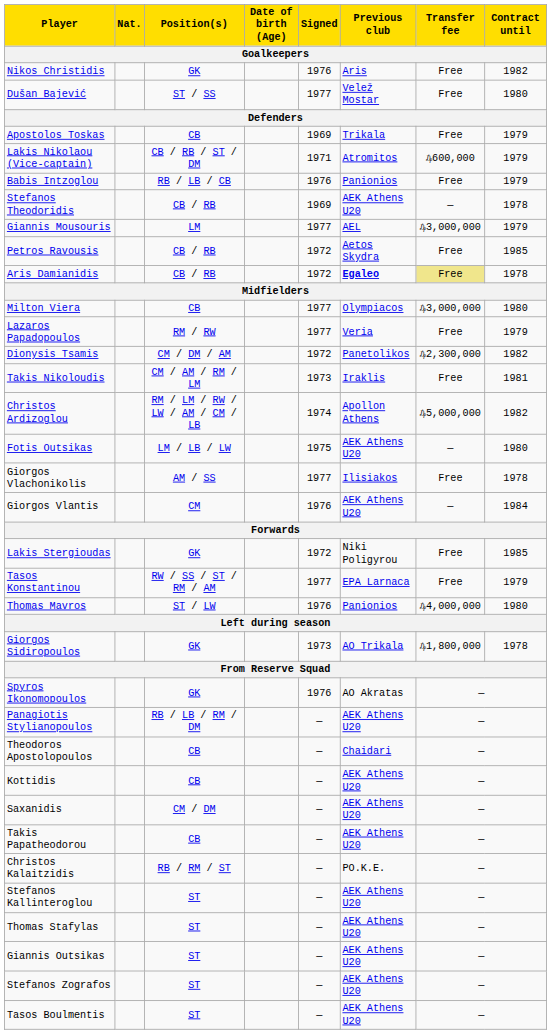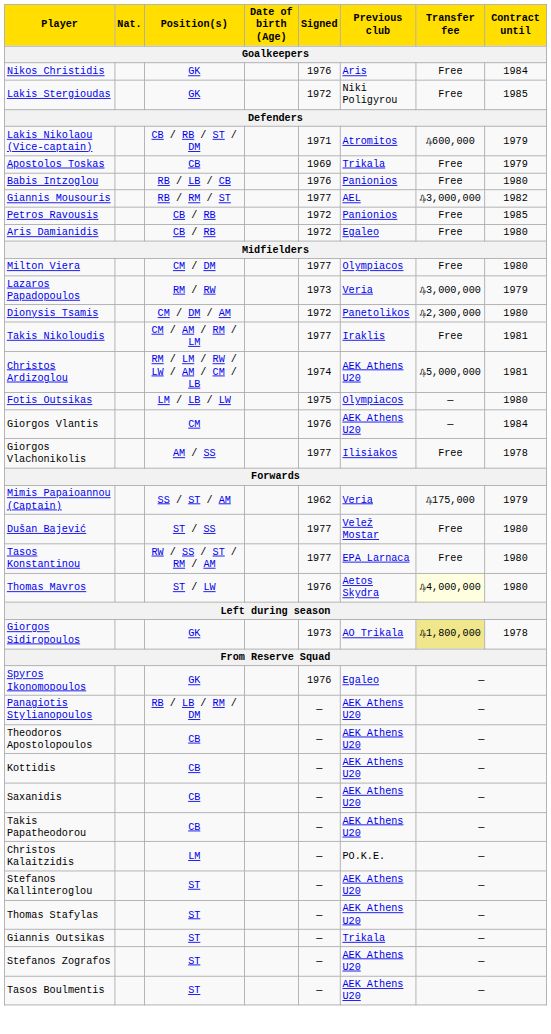 <table class="wikitable" style="text-align:center; font-size:90%;width:100%;">
 <tr>
 <th style="background:#FFDE00">Player</th>
 <th style="background:#FFDE00">Nat.</th>
 <th style="background:#FFDE00">Position(s)</th>
 <th style="background:#FFDE00">Date of birth (Age)</th>
 <th style="background:#FFDE00">Signed</th>
 <th style="background:#FFDE00">Previous club</th>
 <th style="background:#FFDE00">Transfer fee</th>
 <th style="background:#FFDE00">Contract until</th>
 </tr>
 <tr>
 <th colspan="8">Goalkeepers</th>
 </tr>
 <tr>
 <td align=left><a href='#'>Nikos Christidis</a></td>
 <td></td>
 <td><a href='#'>GK</a></td>
 <td></td>
 <td>1976</td>
 <td align=left> <a href='#'>Aris</a></td>
 <td>Free</td>
+<td>1984</td>
+</tr>
+<tr>
+<td align=left><a href='#'>Lakis Stergioudas</a></td>
+<td></td>
+<td><a href='#'>GK</a></td>
+<td></td>
+<td>1972</td>
+<td align=left> Niki Poligyrou</td>
+<td>Free</td>
+<td>1985</td>
+</tr>
+<tr>
+<th colspan="8">Defenders</th>
+</tr>
+<tr>
+<td align=left><a href='#'>Lakis Nikolaou</a> <a href='#'>(Vice-captain)</a></td>
+<td></td>
+<td><a href='#'>CB</a> / <a href='#'>RB</a> / <a href='#'>ST</a> / <a href='#'>DM</a></td>
+<td></td>
+<td>1971</td>
+<td align=left> <a href='#'>Atromitos</a></td>
+<td>₯600,000</td>
+<td>1979</td>
+</tr>
+<tr>
+<td align=left><a href='#'>Apostolos Toskas</a></td>
+<td></td>
+<td><a href='#'>CB</a></td>
+<td></td>
+<td>1969</td>
+<td align=left> <a href='#'>Trikala</a></td>
+<td>Free</td>
+<td>1979</td>
+</tr>
+<tr>
+<td align=left><a href='#'>Babis Intzoglou</a></td>
+<td></td>
+<td><a href='#'>RB</a> / <a href='#'>LB</a> / <a href='#'>CB</a></td>
+<td></td>
+<td>1976</td>
+<td align=left> <a href='#'>Panionios</a></td>
+<td>Free</td>
+<td>1980</td>
+</tr>
+<tr>
+<td align=left><a href='#'>Giannis Mousouris</a></td>
+<td></td>
+<td><a href='#'>RB</a> / <a href='#'>RM</a> / <a href='#'>ST</a></td>
+<td></td>
+<td>1977</td>
+<td align=left> <a href='#'>AEL</a></td>
+<td>₯3,000,000</td>
 <td>1982</td>
+</tr>
+<tr>
+<td align=left><a href='#'>Petros Ravousis</a></td>
+<td></td>
+<td><a href='#'>CB</a> / <a href='#'>RB</a></td>
+<td></td>
+<td>1972</td>
+<td align=left> <a href='#'>Panionios</a></td>
+<td>Free</td>
+<td>1985</td>
+</tr>
+<tr>
+<td align=left><a href='#'>Aris Damianidis</a></td>
+<td></td>
+<td><a href='#'>CB</a> / <a href='#'>RB</a></td>
+<td></td>
+<td>1972</td>
+<td align=left> <a href='#'>Egaleo</a></td>
+<td>Free</td>
+<td>1980</td>
+</tr>
+<tr>
+<th colspan="8">Midfielders</th>
+</tr>
+<tr>
+<td align=left><a href='#'>Milton Viera</a></td>
+<td></td>
+<td><a href='#'>CM</a> / <a href='#'>DM</a></td>
+<td></td>
+<td>1977</td>
+<td align=left> <a href='#'>Olympiacos</a></td>
+<td>Free</td>
+<td>1980</td>
+</tr>
+<tr>
+<td align=left><a href='#'>Lazaros Papadopoulos</a></td>
+<td></td>
+<td><a href='#'>RM</a> / <a href='#'>RW</a></td>
+<td></td>
+<td>1973</td>
+<td align=left> <a href='#'>Veria</a></td>
+<td>₯3,000,000</td>
+<td>1979</td>
+</tr>
+<tr>
+<td align=left><a href='#'>Dionysis Tsamis</a></td>
+<td></td>
+<td><a href='#'>CM</a> / <a href='#'>DM</a> / <a href='#'>AM</a></td>
+<td></td>
+<td>1972</td>
+<td align=left> <a href='#'>Panetolikos</a></td>
+<td>₯2,300,000</td>
+<td>1980</td>
+</tr>
+<tr>
+<td align=left><a href='#'>Takis Nikoloudis</a></td>
+<td></td>
+<td><a href='#'>CM</a> / <a href='#'>AM</a> / <a href='#'>RM</a> / <a href='#'>LM</a></td>
+<td></td>
+<td>1977</td>
+<td align=left> <a href='#'>Iraklis</a></td>
+<td>Free</td>
+<td>1981</td>
+</tr>
+<tr>
+<td align=left><a href='#'>Christos Ardizoglou</a></td>
+<td></td>
+<td><a href='#'>RM</a> / <a href='#'>LM</a> / <a href='#'>RW</a> / <a href='#'>LW</a>  / <a href='#'>AM</a> / <a href='#'>CM</a> / <a href='#'>LB</a></td>
+<td></td>
+<td>1974</td>
+<td align=left> <a href='#'>AEK Athens U20</a></td>
+<td>₯5,000,000</td>
+<td>1981</td>
+</tr>
+<tr>
+<td align=left><a href='#'>Fotis Outsikas</a></td>
+<td></td>
+<td><a href='#'>LM</a> / <a href='#'>LB</a> / <a href='#'>LW</a></td>
+<td></td>
+<td>1975</td>
+<td align=left> <a href='#'>Olympiacos</a></td>
+<td>—</td>
+<td>1980</td>
+</tr>
+<tr>
+<td align=left>Giorgos Vlantis</td>
+<td></td>
+<td><a href='#'>CM</a></td>
+<td></td>
+<td>1976</td>
+<td align=left> <a href='#'>AEK Athens U20</a></td>
+<td>—</td>
+<td>1984</td>
+</tr>
+<tr>
+<td align=left>Giorgos Vlachonikolis</td>
+<td></td>
+<td><a href='#'>AM</a> / <a href='#'>SS</a></td>
+<td></td>
+<td>1977</td>
+<td align=left> <a href='#'>Ilisiakos</a></td>
+<td>Free</td>
+<td>1978</td>
+</tr>
+<tr>
+<th colspan="8">Forwards</th>
+</tr>
+<tr>
+<td align=left><a href='#'>Mimis Papaioannou</a> <a href='#'>(Captain)</a></td>
+<td></td>
+<td><a href='#'>SS</a> / <a href='#'>ST</a> / <a href='#'>AM</a></td>
+<td></td>
+<td>1962</td>
+<td align=left> <a href='#'>Veria</a></td>
+<td>₯175,000</td>
+<td>1979</td>
 </tr>
 <tr>
 <td align=left><a href='#'>Dušan Bajević</a></td>
 <td></td>
 <td><a href='#'>ST</a> / <a href='#'>SS</a></td>
 <td></td>
 <td>1977</td>
 <td align=left> <a href='#'>Velež Mostar</a></td>
 <td>Free</td>
 <td>1980</td>
 </tr>
 <tr>
-<th colspan="8">Defenders</th>
-</tr>
-<tr>
-<td align=left><a href='#'>Apostolos Toskas</a></td>
-<td></td>
-<td><a href='#'>CB</a></td>
-<td></td>
-<td>1969</td>
-<td align=left> <a href='#'>Trikala</a></td>
-<td>Free</td>
-<td>1979</td>
-</tr>
-<tr>
-<td align=left><a href='#'>Lakis Nikolaou</a> <a href='#'>(Vice-captain)</a></td>
-<td></td>
-<td><a href='#'>CB</a> / <a href='#'>RB</a> / <a href='#'>ST</a> / <a href='#'>DM</a></td>
-<td></td>
-<td>1971</td>
-<td align=left> <a href='#'>Atromitos</a></td>
-<td>₯600,000</td>
-<td>1979</td>
-</tr>
-<tr>
-<td align=left><a href='#'>Babis Intzoglou</a></td>
-<td></td>
-<td><a href='#'>RB</a> / <a href='#'>LB</a> / <a href='#'>CB</a></td>
-<td></td>
-<td>1976</td>
-<td align=left> <a href='#'>Panionios</a></td>
-<td>Free</td>
-<td>1979</td>
-</tr>
-<tr>
-<td align=left><a href='#'>Stefanos Theodoridis</a></td>
-<td></td>
-<td><a href='#'>CB</a> / <a href='#'>RB</a></td>
-<td></td>
-<td>1969</td>
-<td align=left> <a href='#'>AEK Athens U20</a></td>
-<td>—</td>
-<td>1978</td>
-</tr>
-<tr>
-<td align=left><a href='#'>Giannis Mousouris</a></td>
-<td></td>
-<td><a href='#'>LM</a></td>
-<td></td>
-<td>1977</td>
-<td align=left> <a href='#'>AEL</a></td>
-<td>₯3,000,000</td>
-<td>1979</td>
-</tr>
-<tr>
-<td align=left><a href='#'>Petros Ravousis</a></td>
-<td></td>
-<td><a href='#'>CB</a> / <a href='#'>RB</a></td>
-<td></td>
-<td>1972</td>
-<td align=left> <a href='#'>Aetos Skydra</a></td>
-<td>Free</td>
-<td>1985</td>
-</tr>
-<tr>
-<td align=left><a href='#'>Aris Damianidis</a></td>
-<td></td>
-<td><a href='#'>CB</a> / <a href='#'>RB</a></td>
-<td></td>
-<td>1972</td>
-<td align=left><strong> <a href='#'>Egaleo</a></strong></td>
-<td style="background: khaki;">Free</td>
-<td>1978</td>
-</tr>
-<tr>
-<th colspan="8">Midfielders</th>
-</tr>
-<tr>
-<td align=left><a href='#'>Milton Viera</a></td>
-<td></td>
-<td><a href='#'>CB</a></td>
-<td></td>
-<td>1977</td>
-<td align=left> <a href='#'>Olympiacos</a></td>
-<td>₯3,000,000</td>
-<td>1980</td>
-</tr>
-<tr>
-<td align=left><a href='#'>Lazaros Papadopoulos</a></td>
-<td></td>
-<td><a href='#'>RM</a> / <a href='#'>RW</a></td>
-<td></td>
-<td>1977</td>
-<td align=left> <a href='#'>Veria</a></td>
-<td>Free</td>
-<td>1979</td>
-</tr>
-<tr>
-<td align=left><a href='#'>Dionysis Tsamis</a></td>
-<td></td>
-<td><a href='#'>CM</a> / <a href='#'>DM</a> / <a href='#'>AM</a></td>
-<td></td>
-<td>1972</td>
-<td align=left> <a href='#'>Panetolikos</a></td>
-<td>₯2,300,000</td>
-<td>1982</td>
-</tr>
-<tr>
-<td align=left><a href='#'>Takis Nikoloudis</a></td>
-<td></td>
-<td><a href='#'>CM</a> / <a href='#'>AM</a> / <a href='#'>RM</a> / <a href='#'>LM</a></td>
-<td></td>
-<td>1973</td>
-<td align=left> <a href='#'>Iraklis</a></td>
-<td>Free</td>
-<td>1981</td>
-</tr>
-<tr>
-<td align=left><a href='#'>Christos Ardizoglou</a></td>
-<td></td>
-<td><a href='#'>RM</a> / <a href='#'>LM</a> / <a href='#'>RW</a> / <a href='#'>LW</a>  / <a href='#'>AM</a> / <a href='#'>CM</a> / <a href='#'>LB</a></td>
-<td></td>
-<td>1974</td>
-<td align=left> <a href='#'>Apollon Athens</a></td>
-<td>₯5,000,000</td>
-<td>1982</td>
-</tr>
-<tr>
-<td align=left><a href='#'>Fotis Outsikas</a></td>
-<td></td>
-<td><a href='#'>LM</a> / <a href='#'>LB</a> / <a href='#'>LW</a></td>
-<td></td>
-<td>1975</td>
-<td align=left> <a href='#'>AEK Athens U20</a></td>
-<td>—</td>
-<td>1980</td>
-</tr>
-<tr>
-<td align=left>Giorgos Vlachonikolis</td>
-<td></td>
-<td><a href='#'>AM</a> / <a href='#'>SS</a></td>
-<td></td>
-<td>1977</td>
-<td align=left> <a href='#'>Ilisiakos</a></td>
-<td>Free</td>
-<td>1978</td>
-</tr>
-<tr>
-<td align=left>Giorgos Vlantis</td>
-<td></td>
-<td><a href='#'>CM</a></td>
-<td></td>
-<td>1976</td>
-<td align=left> <a href='#'>AEK Athens U20</a></td>
-<td>—</td>
-<td>1984</td>
-</tr>
-<tr>
-<th colspan="8">Forwards</th>
-</tr>
-<tr>
-<td align=left><a href='#'>Lakis Stergioudas</a></td>
-<td></td>
-<td><a href='#'>GK</a></td>
-<td></td>
-<td>1972</td>
-<td align=left> Niki Poligyrou</td>
-<td>Free</td>
-<td>1985</td>
-</tr>
-<tr>
 <td align=left><a href='#'>Tasos Konstantinou</a></td>
 <td></td>
 <td><a href='#'>RW</a> / <a href='#'>SS</a> / <a href='#'>ST</a> / <a href='#'>RM</a> / <a href='#'>AM</a></td>
 <td></td>
 <td>1977</td>
 <td align=left> <a href='#'>EPA Larnaca</a></td>
 <td>Free</td>
-<td>1979</td>
+<td>1980</td>
 </tr>
 <tr>
 <td align=left><a href='#'>Thomas Mavros</a></td>
 <td></td>
 <td><a href='#'>ST</a> / <a href='#'>LW</a></td>
 <td></td>
 <td>1976</td>
-<td align=left> <a href='#'>Panionios</a></td>
-<td>₯4,000,000</td>
+<td align=left> <a href='#'>Aetos Skydra</a></td>
+<td style="background: lightyellow;">₯4,000,000</td>
 <td>1980</td>
 </tr>
 <tr>
 <th colspan="8">Left during season</th>
 </tr>
 <tr>
 <td align=left><a href='#'>Giorgos Sidiropoulos</a></td>
 <td></td>
 <td><a href='#'>GK</a></td>
 <td></td>
 <td>1973</td>
 <td align=left> <a href='#'>AO Trikala</a></td>
-<td>₯1,800,000</td>
+<td style="background: khaki;">₯1,800,000</td>
 <td>1978</td>
 </tr>
 <tr>
 <th colspan="8">From Reserve Squad</th>
 </tr>
 <tr>
 <td align=left><a href='#'>Spyros Ikonomopoulos</a></td>
 <td></td>
 <td><a href='#'>GK</a></td>
 <td></td>
 <td>1976</td>
-<td align=left> AO Akratas</td>
+<td align=left> <a href='#'>Egaleo</a></td>
 <td colspan="2">—</td>
 </tr>
 <tr>
 <td align=left><a href='#'>Panagiotis Stylianopoulos</a></td>
 <td></td>
 <td><a href='#'>RB</a> / <a href='#'>LB</a> / <a href='#'>RM</a> / <a href='#'>DM</a></td>
 <td></td>
 <td>—</td>
 <td align=left> <a href='#'>AEK Athens U20</a></td>
 <td colspan="2">—</td>
 </tr>
 <tr>
 <td align=left>Theodoros Apostolopoulos</td>
 <td></td>
 <td><a href='#'>CB</a></td>
 <td></td>
 <td>—</td>
-<td align=left> <a href='#'>Chaidari</a></td>
+<td align=left> <a href='#'>AEK Athens U20</a></td>
 <td colspan="2">—</td>
 </tr>
 <tr>
 <td align=left>Kottidis</td>
 <td></td>
 <td><a href='#'>CB</a></td>
 <td></td>
 <td>—</td>
 <td align=left> <a href='#'>AEK Athens U20</a></td>
 <td colspan="2">—</td>
 </tr>
 <tr>
 <td align=left>Saxanidis</td>
 <td></td>
-<td><a href='#'>CM</a> / <a href='#'>DM</a></td>
+<td><a href='#'>CB</a></td>
 <td></td>
 <td>—</td>
 <td align=left> <a href='#'>AEK Athens U20</a></td>
 <td colspan="2">—</td>
 </tr>
 <tr>
 <td align=left>Takis Papatheodorou</td>
 <td></td>
 <td><a href='#'>CB</a></td>
 <td></td>
 <td>—</td>
 <td align=left> <a href='#'>AEK Athens U20</a></td>
 <td colspan="2">—</td>
 </tr>
 <tr>
 <td align=left>Christos Kalaitzidis</td>
 <td></td>
-<td><a href='#'>RB</a> / <a href='#'>RM</a> / <a href='#'>ST</a></td>
+<td><a href='#'>LM</a></td>
 <td></td>
 <td>—</td>
 <td align=left> PO.K.E.</td>
 <td colspan="2">—</td>
 </tr>
 <tr>
 <td align=left>Stefanos Kallinteroglou</td>
 <td></td>
 <td><a href='#'>ST</a></td>
 <td></td>
 <td>—</td>
 <td align=left> <a href='#'>AEK Athens U20</a></td>
 <td colspan="2">—</td>
 </tr>
 <tr>
 <td align=left>Thomas Stafylas</td>
 <td></td>
 <td><a href='#'>ST</a></td>
 <td></td>
 <td>—</td>
 <td align=left> <a href='#'>AEK Athens U20</a></td>
 <td colspan="2">—</td>
 </tr>
 <tr>
 <td align=left>Giannis Outsikas</td>
 <td></td>
 <td><a href='#'>ST</a></td>
 <td></td>
 <td>—</td>
-<td align=left> <a href='#'>AEK Athens U20</a></td>
+<td align=left> <a href='#'>Trikala</a></td>
 <td colspan="2">—</td>
 </tr>
 <tr>
 <td align=left>Stefanos Zografos</td>
 <td></td>
 <td><a href='#'>ST</a></td>
 <td></td>
 <td>—</td>
 <td align=left> <a href='#'>AEK Athens U20</a></td>
 <td colspan="2">—</td>
 </tr>
 <tr>
 <td align=left>Tasos Boulmentis</td>
 <td></td>
 <td><a href='#'>ST</a></td>
 <td></td>
 <td>—</td>
 <td align=left> <a href='#'>AEK Athens U20</a></td>
 <td colspan="2">—</td>
 </tr>
 </table>
